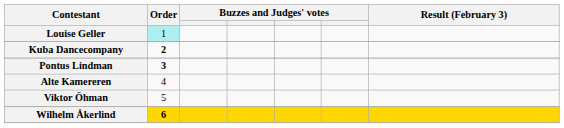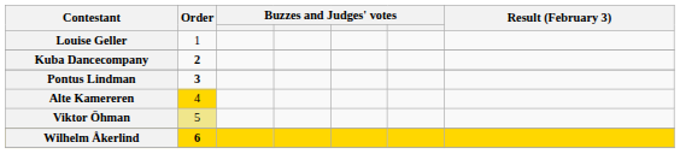 <table class="wikitable plainrowheaders sortable" style="text-align:center;">
 <tr>
 <th scope="col" rowspan="2" class="unsortable" style="width:17em;">Contestant</th>
 <th scope="col" rowspan="2" style="width:1em;">Order</th>
 <th scope="col" colspan="4" class="unsortable" style="width:24em;">Buzzes and Judges' votes</th>
 <th scope="col" rowspan="2" style="width:25em;">Result (February 3)</th>
 </tr>
 <tr>
 <th scope="col" class="unsortable" style="width:6em;"></th>
 <th scope="col" class="unsortable" style="width:6em;"></th>
 <th scope="col" class="unsortable" style="width:6em;"></th>
 <th scope="col" class="unsortable" style="width:6em;"></th>
 </tr>
 <tr>
 <th scope="row">Louise Geller</th>
-<td style="background: paleturquoise;">1</td>
+<td>1</td>
 <td style="text-align:center;"></td>
 <td style="text-align:center;"></td>
 <td style="text-align:center;"></td>
 <td style="text-align:center;"></td>
 <td></td>
 </tr>
 <tr>
 </tr>
 <tr -style="background:NavajoWhite">
 <th scope="row">Kuba Dancecompany</th>
 <td><strong>2</strong></td>
 <td style="text-align:center;"></td>
 <td style="text-align:center;"></td>
 <td style="text-align:center;"></td>
 <td style="text-align:center;"></td>
 <td><strong></strong></td>
 </tr>
 <tr>
 </tr>
 <tr -style="background:NavajoWhite">
 <th scope="row">Pontus Lindman</th>
 <td><strong>3</strong></td>
 <td style="text-align:center;"></td>
 <td style="text-align:center;"></td>
 <td style="text-align:center;"></td>
 <td style="text-align:center;"></td>
 <td><strong></strong></td>
 </tr>
 <tr>
 <th scope="row">Alte Kamereren</th>
-<td>4</td>
+<td style="background: gold;">4</td>
 <td style="text-align:center;"></td>
 <td style="text-align:center;"></td>
 <td style="text-align:center;"></td>
 <td style="text-align:center;"></td>
 <td></td>
 </tr>
 <tr>
 <th scope="row">Viktor Öhman</th>
-<td>5</td>
+<td style="background: khaki;">5</td>
 <td style="text-align:center;"></td>
 <td style="text-align:center;"></td>
 <td style="text-align:center;"></td>
 <td style="text-align:center;"></td>
 <td></td>
 </tr>
 <tr>
 </tr>
 <tr style="background:gold">
 <th scope="row">Wilhelm Åkerlind</th>
 <td><strong>6</strong></td>
 <td></td>
 <td style="text-align:center;"></td>
 <td style="text-align:center;"></td>
 <td style="text-align:center;"></td>
 <td><strong></strong></td>
 </tr>
 <tr>
 </tr>
 </table>
